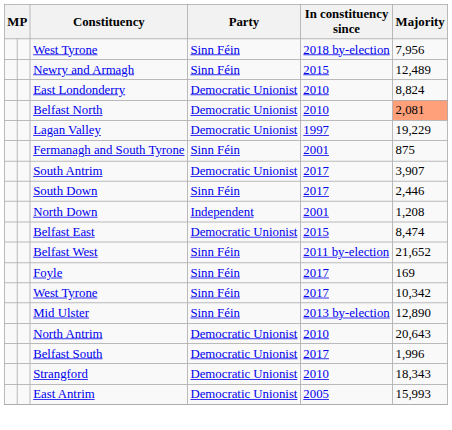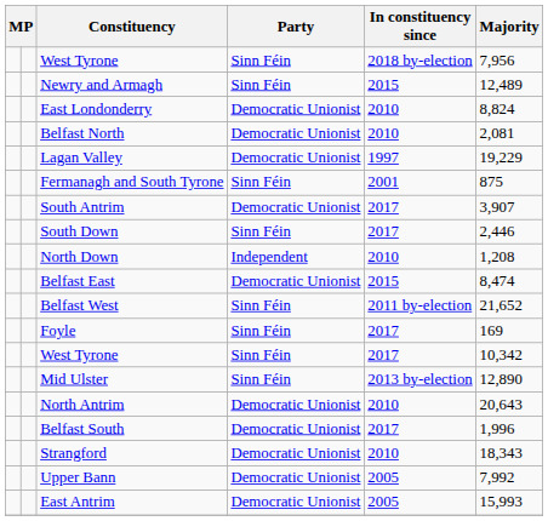 <table class="wikitable sortable">
 <tr>
 <th colspan=2>MP</th>
 <th>Constituency</th>
 <th>Party</th>
 <th>In constituency<br>since</th>
 <th>Majority</th>
 </tr>
 <tr>
 <td style="background-color: "></td>
 <td></td>
 <td><a href='#'>West Tyrone</a></td>
 <td><a href='#'>Sinn Féin</a></td>
 <td><a href='#'>2018 by-election</a></td>
 <td>7,956</td>
 </tr>
 <tr>
 <td style="background-color: "></td>
 <td></td>
 <td><a href='#'>Newry and Armagh</a></td>
 <td><a href='#'>Sinn Féin</a></td>
 <td><a href='#'>2015</a></td>
 <td>12,489</td>
 </tr>
 <tr>
 <td style="background-color: "></td>
 <td></td>
 <td><a href='#'>East Londonderry</a></td>
 <td><a href='#'>Democratic Unionist</a></td>
 <td><a href='#'>2010</a></td>
 <td>8,824</td>
 </tr>
 <tr>
 <td style="background-color: "></td>
 <td></td>
 <td><a href='#'>Belfast North</a></td>
 <td><a href='#'>Democratic Unionist</a></td>
 <td><a href='#'>2010</a></td>
-<td style="background: lightsalmon;">2,081</td>
+<td>2,081</td>
 </tr>
 <tr>
 <td style="background-color: "></td>
 <td></td>
 <td><a href='#'>Lagan Valley</a></td>
 <td><a href='#'>Democratic Unionist</a></td>
 <td><a href='#'>1997</a></td>
 <td>19,229</td>
 </tr>
 <tr>
 <td style="background-color: "></td>
 <td></td>
 <td><a href='#'>Fermanagh and South Tyrone</a></td>
 <td><a href='#'>Sinn Féin</a></td>
 <td><a href='#'>2001</a></td>
 <td>875</td>
 </tr>
 <tr>
 <td style="background-color: "></td>
 <td></td>
 <td><a href='#'>South Antrim</a></td>
 <td><a href='#'>Democratic Unionist</a></td>
 <td><a href='#'>2017</a></td>
 <td>3,907</td>
 </tr>
 <tr>
 <td style="background-color: "></td>
 <td></td>
 <td><a href='#'>South Down</a></td>
 <td><a href='#'>Sinn Féin</a></td>
 <td><a href='#'>2017</a></td>
 <td>2,446</td>
 </tr>
 <tr>
 <td style="background-color: "></td>
 <td></td>
 <td><a href='#'>North Down</a></td>
 <td><a href='#'>Independent</a></td>
-<td><a href='#'>2001</a></td>
+<td><a href='#'>2010</a></td>
 <td>1,208</td>
 </tr>
 <tr>
 <td style="background-color: "></td>
 <td></td>
 <td><a href='#'>Belfast East</a></td>
 <td><a href='#'>Democratic Unionist</a></td>
 <td><a href='#'>2015</a></td>
 <td>8,474</td>
 </tr>
 <tr>
 <td style="background-color: "></td>
 <td></td>
 <td><a href='#'>Belfast West</a></td>
 <td><a href='#'>Sinn Féin</a></td>
 <td><a href='#'>2011 by-election</a></td>
 <td>21,652</td>
 </tr>
 <tr>
 <td style="background-color: "></td>
 <td></td>
 <td><a href='#'>Foyle</a></td>
 <td><a href='#'>Sinn Féin</a></td>
 <td><a href='#'>2017</a></td>
 <td>169</td>
 </tr>
 <tr>
 <td style="background-color: "></td>
 <td><em></em></td>
 <td><a href='#'>West Tyrone</a></td>
 <td><a href='#'>Sinn Féin</a></td>
 <td><a href='#'>2017</a></td>
 <td>10,342</td>
 </tr>
 <tr>
 <td style="background-color: "></td>
 <td></td>
 <td><a href='#'>Mid Ulster</a></td>
 <td><a href='#'>Sinn Féin</a></td>
 <td><a href='#'>2013 by-election</a></td>
 <td>12,890</td>
 </tr>
 <tr>
 <td style="background-color: "></td>
 <td></td>
 <td><a href='#'>North Antrim</a></td>
 <td><a href='#'>Democratic Unionist</a></td>
 <td><a href='#'>2010</a></td>
 <td>20,643</td>
 </tr>
 <tr>
 <td style="background-color: "></td>
 <td></td>
 <td><a href='#'>Belfast South</a></td>
 <td><a href='#'>Democratic Unionist</a></td>
 <td><a href='#'>2017</a></td>
 <td>1,996</td>
 </tr>
 <tr>
 <td style="background-color: "></td>
 <td></td>
 <td><a href='#'>Strangford</a></td>
 <td><a href='#'>Democratic Unionist</a></td>
 <td><a href='#'>2010</a></td>
 <td>18,343</td>
 </tr>
 <tr>
 <td style="background-color: "></td>
 <td></td>
+<td><a href='#'>Upper Bann</a></td>
+<td><a href='#'>Democratic Unionist</a></td>
+<td><a href='#'>2005</a></td>
+<td>7,992</td>
+</tr>
+<tr>
+<td style="background-color: "></td>
+<td></td>
 <td><a href='#'>East Antrim</a></td>
 <td><a href='#'>Democratic Unionist</a></td>
 <td><a href='#'>2005</a></td>
 <td>15,993</td>
 </tr>
 <tr>
 </tr>
 </table>
